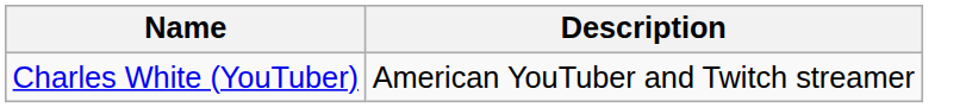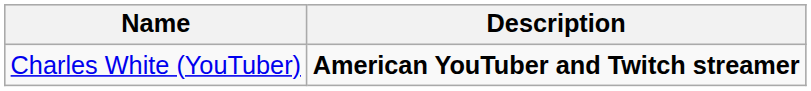 <table class="wikitable sortable">
 <tr>
 <th>Name</th>
 <th>Description</th>
 </tr>
 <tr>
 <td><a href='#'>Charles White (YouTuber)</a></td>
-<td>American YouTuber and Twitch streamer</td>
+<td><strong>American YouTuber and Twitch streamer</strong></td>
 </tr>
 </table>
